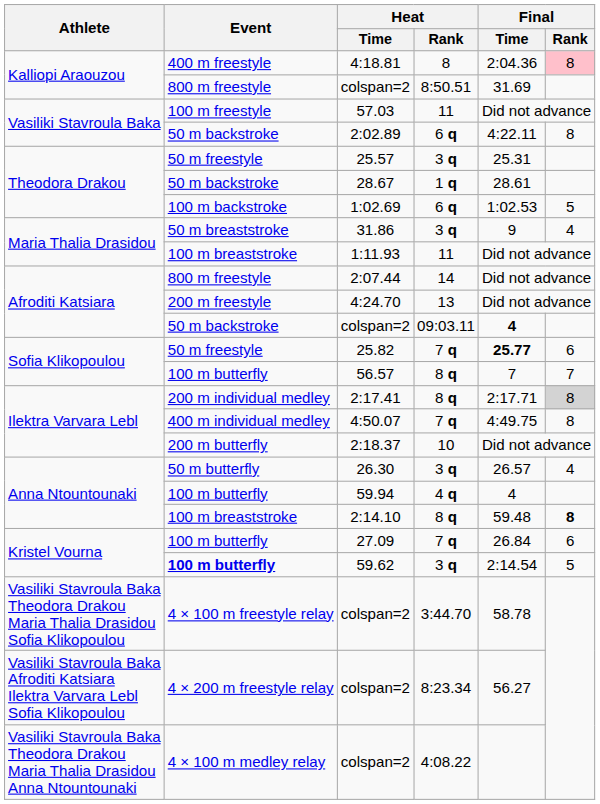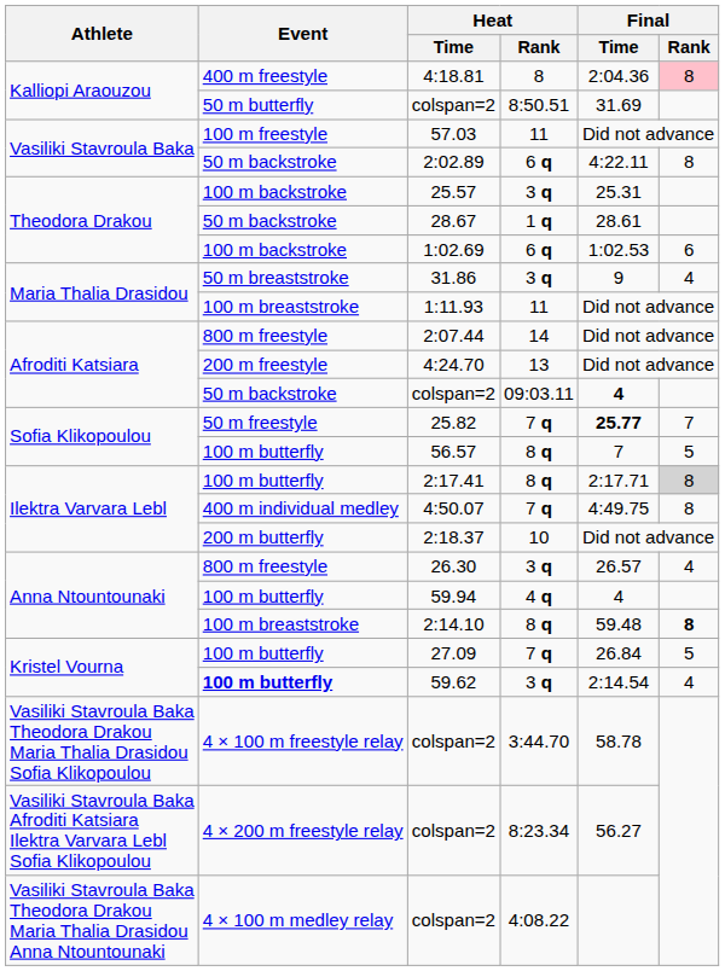 <table class=wikitable style="font-size:90%">
 <tr>
 <th rowspan="2">Athlete</th>
 <th rowspan="2">Event</th>
 <th colspan="2">Heat</th>
 <th colspan="2">Final</th>
 </tr>
 <tr style="font-size:95%">
 <th>Time</th>
 <th>Rank</th>
 <th>Time</th>
 <th>Rank</th>
 </tr>
 <tr align=center>
 <td align=left rowspan=2><a href='#'>Kalliopi Araouzou</a></td>
 <td align=left><a href='#'>400 m freestyle</a></td>
 <td>4:18.81</td>
 <td>8</td>
 <td>2:04.36</td>
 <td style="background: pink;">8</td>
 </tr>
 <tr align=center>
-<td align=left><a href='#'>800 m freestyle</a></td>
+<td align=left><a href='#'>50 m butterfly</a></td>
 <td>colspan=2 </td>
 <td>8:50.51</td>
 <td>31.69</td>
 </tr>
 <tr align=center>
 <td align=left rowspan=2><a href='#'>Vasiliki Stavroula Baka</a></td>
 <td align=left><a href='#'>100 m freestyle</a></td>
 <td>57.03</td>
 <td>11</td>
 <td colspan=2>Did not advance</td>
 </tr>
 <tr align=center>
 <td align=left><a href='#'>50 m backstroke</a></td>
 <td>2:02.89</td>
 <td>6 <strong>q</strong></td>
 <td>4:22.11</td>
 <td>8</td>
 </tr>
 <tr align=center>
 <td align=left rowspan=3><a href='#'>Theodora Drakou</a></td>
-<td align=left><a href='#'>50 m freestyle</a></td>
+<td align=left><a href='#'>100 m backstroke</a></td>
 <td>25.57</td>
 <td>3 <strong>q</strong></td>
 <td>25.31</td>
 <td></td>
 </tr>
 <tr align=center>
 <td align=left><a href='#'>50 m backstroke</a></td>
 <td>28.67</td>
 <td>1 <strong>q</strong></td>
 <td>28.61</td>
 <td></td>
 </tr>
 <tr align=center>
 <td align=left><a href='#'>100 m backstroke</a></td>
 <td>1:02.69</td>
 <td>6 <strong>q</strong></td>
 <td>1:02.53</td>
-<td>5</td>
+<td>6</td>
 </tr>
 <tr align=center>
 <td align=left rowspan=2><a href='#'>Maria Thalia Drasidou</a></td>
 <td align=left><a href='#'>50 m breaststroke</a></td>
 <td>31.86</td>
 <td>3 <strong>q</strong></td>
 <td>9</td>
 <td>4</td>
 </tr>
 <tr align=center>
 <td align=left><a href='#'>100 m breaststroke</a></td>
 <td>1:11.93</td>
 <td>11</td>
 <td colspan=2>Did not advance</td>
 </tr>
 <tr align=center>
 <td align=left rowspan=3><a href='#'>Afroditi Katsiara</a></td>
 <td align=left><a href='#'>800 m freestyle</a></td>
 <td>2:07.44</td>
 <td>14</td>
 <td colspan=2>Did not advance</td>
 </tr>
 <tr align=center>
 <td align=left><a href='#'>200 m freestyle</a></td>
 <td>4:24.70</td>
 <td>13</td>
 <td colspan=2>Did not advance</td>
 </tr>
 <tr align=center>
 <td align=left><a href='#'>50 m backstroke</a></td>
 <td>colspan=2 </td>
 <td>09:03.11</td>
 <td><strong>4</strong></td>
 </tr>
 <tr align=center>
 <td align=left rowspan=2><a href='#'>Sofia Klikopoulou</a></td>
 <td align=left><a href='#'>50 m freestyle</a></td>
 <td>25.82</td>
 <td>7 <strong>q</strong></td>
 <td><strong>25.77</strong></td>
-<td>6</td>
+<td>7</td>
 </tr>
 <tr align=center>
 <td align=left><a href='#'>100 m butterfly</a></td>
 <td>56.57</td>
 <td>8 <strong>q</strong></td>
 <td>7</td>
-<td>7</td>
+<td>5</td>
 </tr>
 <tr align=center>
 <td align=left rowspan=3><a href='#'>Ilektra Varvara Lebl</a></td>
-<td align=left><a href='#'>200 m individual medley</a></td>
+<td align=left><a href='#'>100 m butterfly</a></td>
 <td>2:17.41</td>
 <td>8 <strong>q</strong></td>
 <td>2:17.71</td>
 <td style="background: lightgrey;">8</td>
 </tr>
 <tr align=center>
 <td align=left><a href='#'>400 m individual medley</a></td>
 <td>4:50.07</td>
 <td>7 <strong>q</strong></td>
 <td>4:49.75</td>
 <td>8</td>
 </tr>
 <tr align=center>
 <td align=left><a href='#'>200 m butterfly</a></td>
 <td>2:18.37</td>
 <td>10</td>
 <td colspan=2>Did not advance</td>
 </tr>
 <tr align=center>
 <td align=left rowspan=3><a href='#'>Anna Ntountounaki</a></td>
-<td align=left><a href='#'>50 m butterfly</a></td>
+<td align=left><a href='#'>800 m freestyle</a></td>
 <td>26.30</td>
 <td>3 <strong>q</strong></td>
 <td>26.57</td>
 <td>4</td>
 </tr>
 <tr align=center>
 <td align=left><a href='#'>100 m butterfly</a></td>
 <td>59.94</td>
 <td>4 <strong>q</strong></td>
 <td>4</td>
 <td></td>
 </tr>
 <tr align=center>
 <td align=left><a href='#'>100 m breaststroke</a></td>
 <td>2:14.10</td>
 <td>8 <strong>q</strong></td>
 <td>59.48</td>
 <td><strong>8</strong></td>
 </tr>
 <tr align=center>
 <td align=left rowspan=2><a href='#'>Kristel Vourna</a></td>
 <td align=left><a href='#'>100 m butterfly</a></td>
 <td>27.09</td>
 <td>7 <strong>q</strong></td>
 <td>26.84</td>
-<td>6</td>
+<td>5</td>
 </tr>
 <tr align=center>
 <td align=left><strong><a href='#'>100 m butterfly</a></strong></td>
 <td>59.62</td>
 <td>3 <strong>q</strong></td>
 <td>2:14.54</td>
-<td>5</td>
+<td>4</td>
 </tr>
 <tr align=center>
 <td align=left><a href='#'>Vasiliki Stavroula Baka</a><br><a href='#'>Theodora Drakou</a><br><a href='#'>Maria Thalia Drasidou</a><br><a href='#'>Sofia Klikopoulou</a></td>
 <td align=left><a href='#'>4 × 100 m freestyle relay</a></td>
 <td>colspan=2 </td>
 <td>3:44.70</td>
 <td>58.78</td>
 </tr>
 <tr align=center>
 <td align=left><a href='#'>Vasiliki Stavroula Baka</a><br><a href='#'>Afroditi Katsiara</a><br><a href='#'>Ilektra Varvara Lebl</a><br><a href='#'>Sofia Klikopoulou</a></td>
 <td align=left><a href='#'>4 × 200 m freestyle relay</a></td>
 <td>colspan=2 </td>
 <td>8:23.34</td>
 <td>56.27</td>
 </tr>
 <tr align=center>
 <td align=left><a href='#'>Vasiliki Stavroula Baka</a><br><a href='#'>Theodora Drakou</a><br><a href='#'>Maria Thalia Drasidou</a><br><a href='#'>Anna Ntountounaki</a></td>
 <td align=left><a href='#'>4 × 100 m medley relay</a></td>
 <td>colspan=2 </td>
 <td>4:08.22</td>
 <td></td>
 </tr>
 </table>
